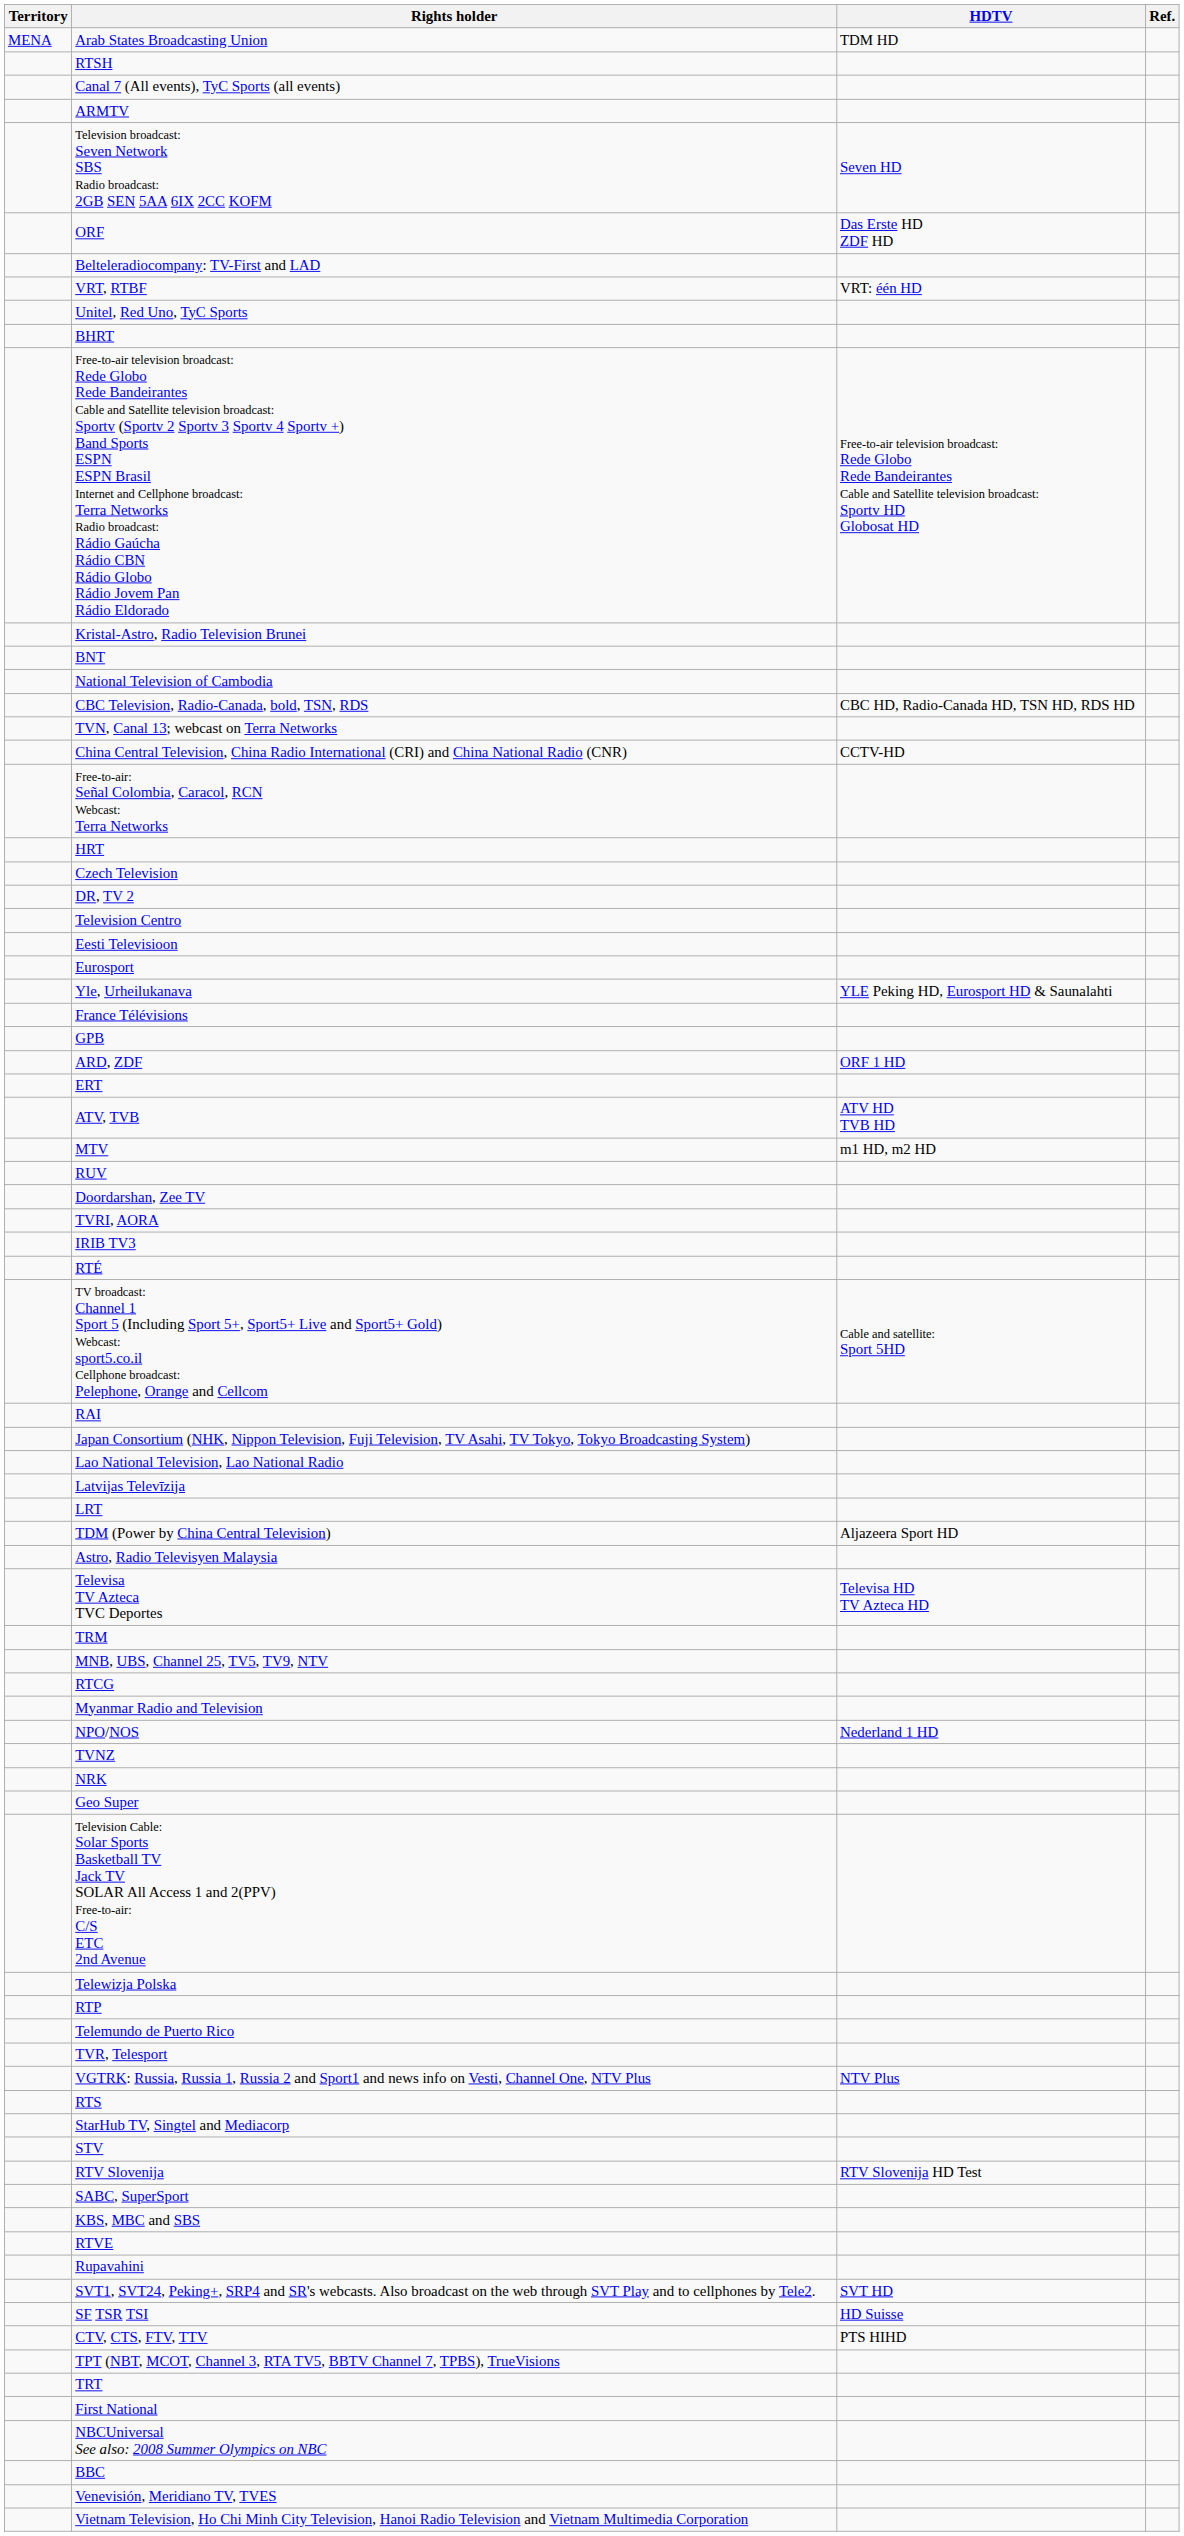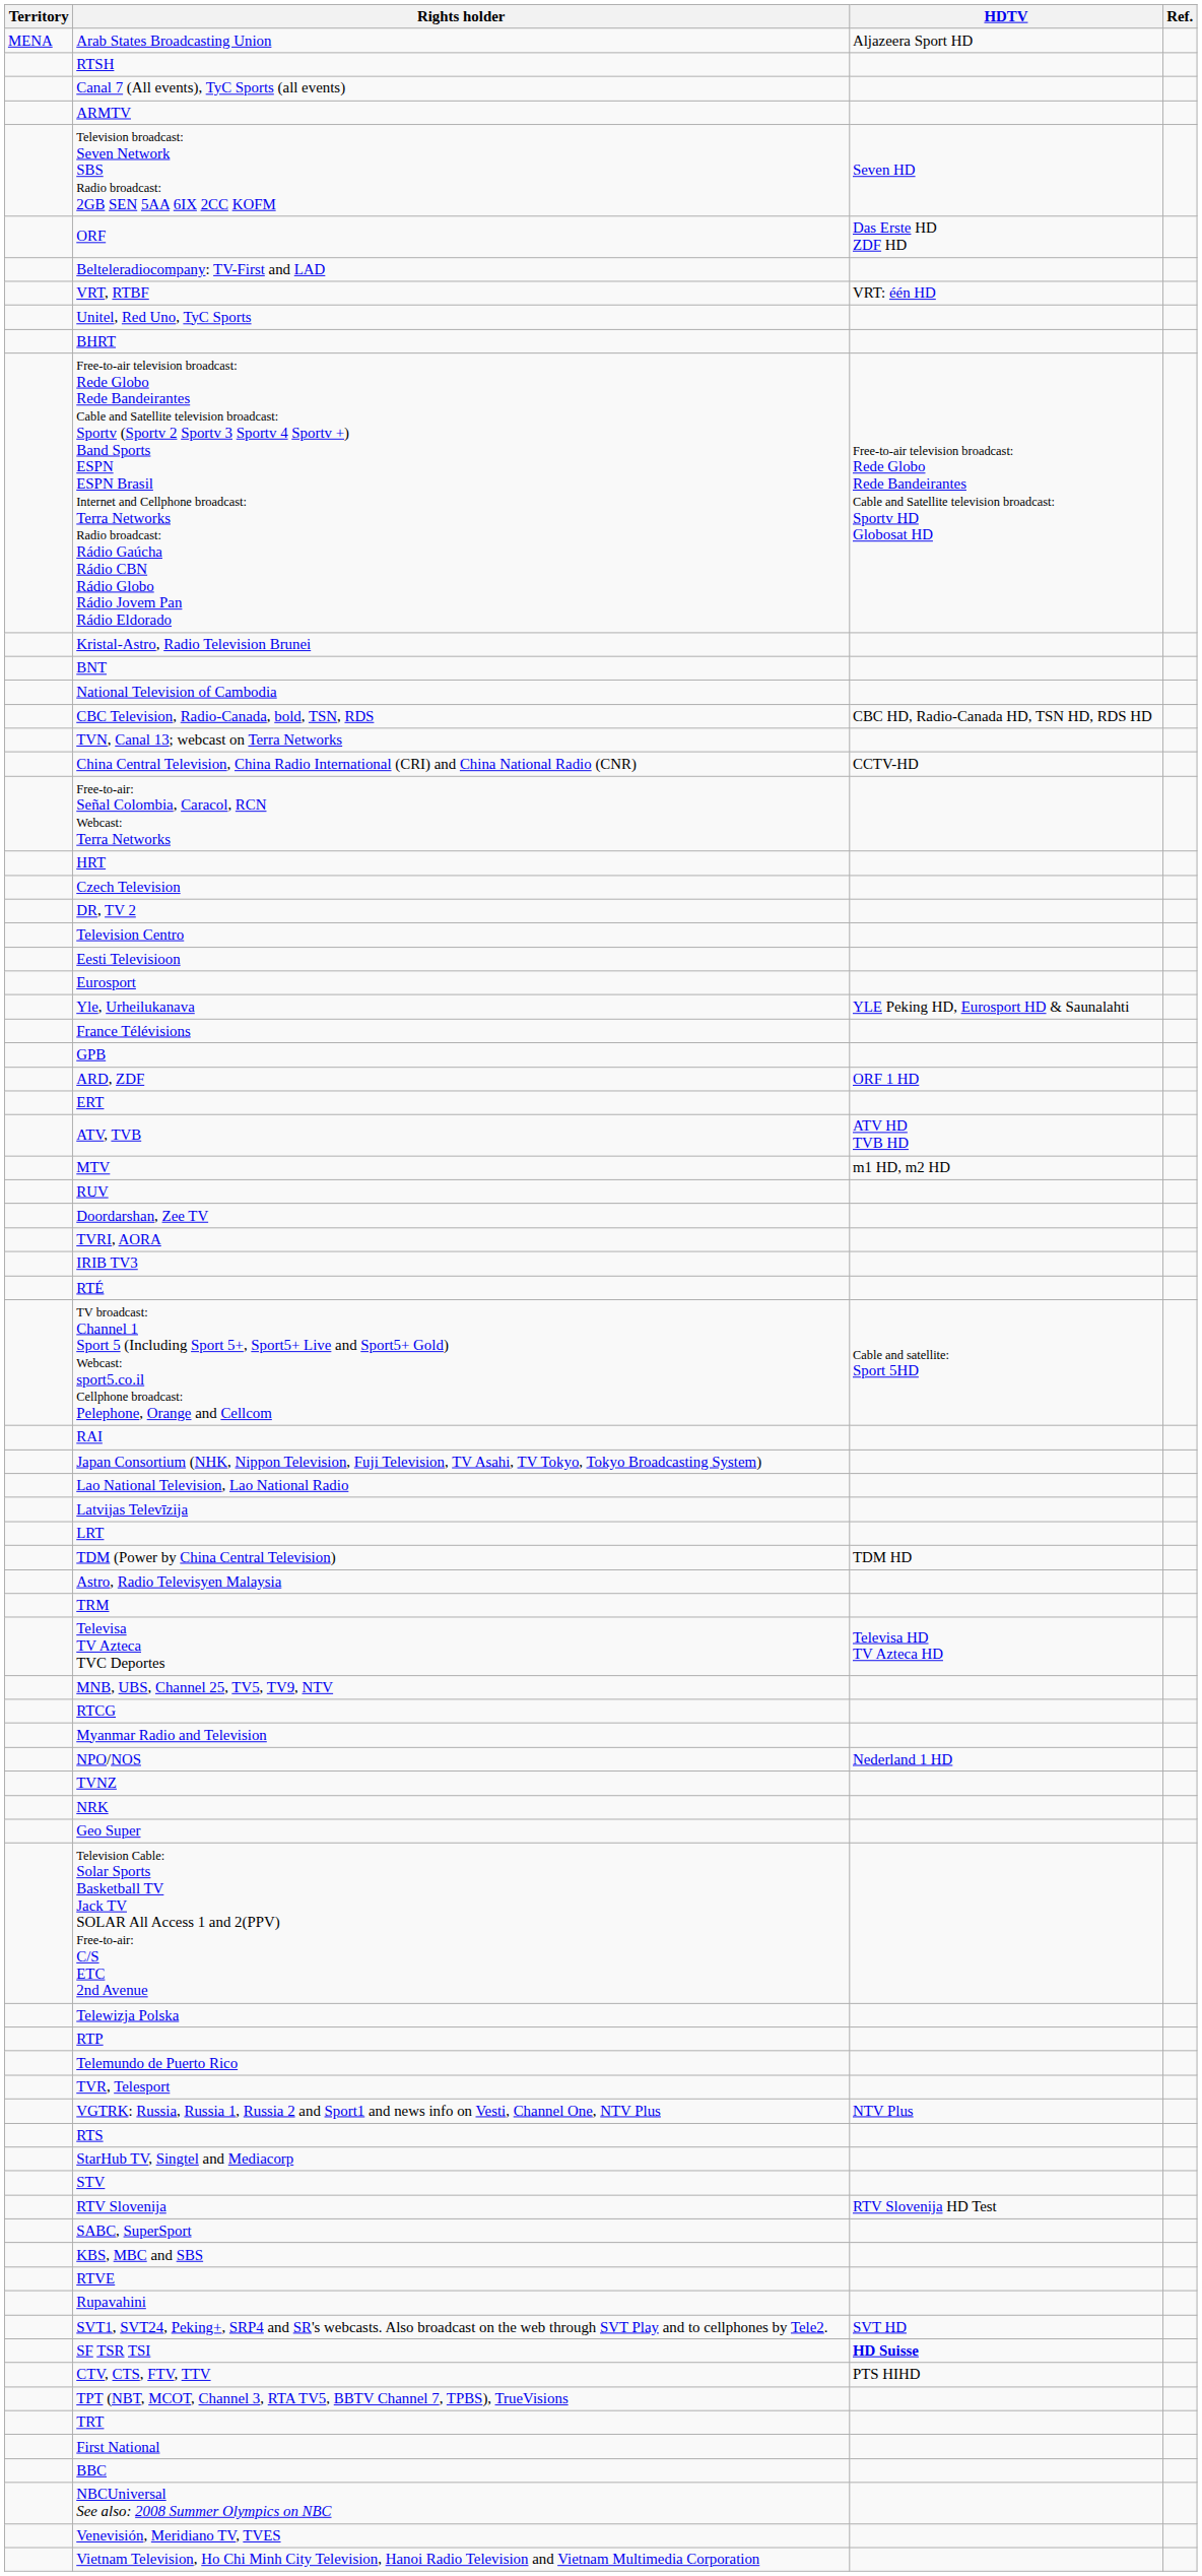 <table class="wikitable" style="width:100%; font-size:100%; position:relative;">
 <tr>
 <th>Territory</th>
 <th>Rights holder</th>
 <th><a href='#'>HDTV</a></th>
 <th>Ref.</th>
 </tr>
 <tr>
 <td><a href='#'>MENA</a></td>
 <td><a href='#'>Arab States Broadcasting Union</a></td>
-<td>TDM HD</td>
+<td>Aljazeera Sport HD</td>
 <td></td>
 </tr>
 <tr>
 <td></td>
 <td><a href='#'>RTSH</a></td>
 <td></td>
 <td></td>
 </tr>
 <tr>
 <td></td>
 <td><a href='#'>Canal 7</a> (All events), <a href='#'>TyC Sports</a> (all events)</td>
 <td></td>
 <td></td>
 </tr>
 <tr>
 <td></td>
 <td><a href='#'>ARMTV</a></td>
 <td></td>
 <td></td>
 </tr>
 <tr>
 <td></td>
 <td><small>Television broadcast:</small><br><a href='#'>Seven Network</a><br><a href='#'>SBS</a><br><small>Radio broadcast:</small><br> <a href='#'>2GB</a> <a href='#'>SEN</a> <a href='#'>5AA</a> <a href='#'>6IX</a> <a href='#'>2CC</a> <a href='#'>KOFM</a>  <br></td>
 <td><a href='#'>Seven HD</a></td>
 <td></td>
 </tr>
 <tr>
 <td></td>
 <td><a href='#'>ORF</a></td>
 <td><a href='#'>Das Erste</a> HD<br><a href='#'>ZDF</a> HD</td>
 <td></td>
 </tr>
 <tr>
 <td></td>
 <td><a href='#'>Belteleradiocompany</a>: <a href='#'>TV-First</a> and <a href='#'>LAD</a></td>
 <td></td>
 <td></td>
 </tr>
 <tr>
 <td></td>
 <td><a href='#'>VRT</a>, <a href='#'>RTBF</a></td>
 <td Vlaamse Radio- en Televisieomroep>VRT: <a href='#'>één HD</a></td>
 <td></td>
 </tr>
 <tr>
 <td></td>
 <td><a href='#'>Unitel</a>, <a href='#'>Red Uno</a>, <a href='#'>TyC Sports</a></td>
 <td></td>
 <td></td>
 </tr>
 <tr>
 <td></td>
 <td><a href='#'>BHRT</a></td>
 <td></td>
 <td></td>
 </tr>
 <tr>
 <td></td>
 <td><small>Free-to-air television broadcast:</small><br><a href='#'>Rede Globo</a><br><a href='#'>Rede Bandeirantes</a><br><small>Cable and Satellite television broadcast:</small><br><a href='#'>Sportv</a> (<a href='#'>Sportv 2</a>  <a href='#'>Sportv 3</a>  <a href='#'>Sportv 4</a>  <a href='#'>Sportv +</a>)<br><a href='#'>Band Sports</a><br><a href='#'>ESPN</a><br><a href='#'>ESPN Brasil</a><br><small>Internet and Cellphone broadcast:</small><br><a href='#'>Terra Networks</a><br><small>Radio broadcast:</small><br><a href='#'>Rádio Gaúcha</a><br><a href='#'>Rádio CBN</a><br><a href='#'>Rádio Globo</a><br><a href='#'>Rádio Jovem Pan</a><br><a href='#'>Rádio Eldorado</a><br></td>
 <td><small>Free-to-air television broadcast:</small><br><a href='#'>Rede Globo</a><br><a href='#'>Rede Bandeirantes</a><br><small>Cable and Satellite television broadcast:</small><br><a href='#'>Sportv HD</a><br><a href='#'>Globosat HD</a></td>
 <td></td>
 </tr>
 <tr>
 <td></td>
 <td><a href='#'>Kristal-Astro</a>, <a href='#'>Radio Television Brunei</a></td>
 <td></td>
 <td></td>
 </tr>
 <tr>
 <td></td>
 <td><a href='#'>BNT</a></td>
 <td></td>
 <td></td>
 </tr>
 <tr>
 <td></td>
 <td><a href='#'>National Television of Cambodia</a></td>
 <td></td>
 <td></td>
 </tr>
 <tr>
 <td></td>
 <td><a href='#'>CBC Television</a>, <a href='#'>Radio-Canada</a>, <a href='#'>bold</a>, <a href='#'>TSN</a>, <a href='#'>RDS</a></td>
 <td>CBC HD, Radio-Canada HD, TSN HD, RDS HD</td>
 <td></td>
 </tr>
 <tr>
 <td></td>
 <td><a href='#'>TVN</a>, <a href='#'>Canal 13</a>; webcast on <a href='#'>Terra Networks</a></td>
 <td></td>
 <td></td>
 </tr>
 <tr>
 <td></td>
 <td><a href='#'>China Central Television</a>, <a href='#'>China Radio International</a> (CRI) and <a href='#'>China National Radio</a> (CNR)</td>
 <td>CCTV-HD</td>
 <td></td>
 </tr>
 <tr>
 <td></td>
 <td><small>Free-to-air:</small><br><a href='#'>Señal Colombia</a>, <a href='#'>Caracol</a>, <a href='#'>RCN</a><br><small>Webcast:</small><br><a href='#'>Terra Networks</a></td>
 <td></td>
 <td></td>
 </tr>
 <tr>
 <td></td>
 <td><a href='#'>HRT</a></td>
 <td></td>
 <td></td>
 </tr>
 <tr>
 <td></td>
 <td><a href='#'>Czech Television</a></td>
 <td></td>
 <td></td>
 </tr>
 <tr>
 <td></td>
 <td><a href='#'>DR</a>, <a href='#'>TV 2</a></td>
 <td></td>
 <td></td>
 </tr>
 <tr>
 <td></td>
 <td><a href='#'>Television Centro</a></td>
 <td></td>
 <td></td>
 </tr>
 <tr>
 <td></td>
 <td><a href='#'>Eesti Televisioon</a></td>
 <td></td>
 <td></td>
 </tr>
 <tr>
 <td></td>
 <td><a href='#'>Eurosport</a></td>
 <td></td>
 <td></td>
 </tr>
 <tr>
 <td></td>
 <td><a href='#'>Yle</a>, <a href='#'>Urheilukanava</a></td>
 <td><a href='#'>YLE</a> Peking HD, <a href='#'>Eurosport HD</a> & Saunalahti</td>
 <td></td>
 </tr>
 <tr>
 <td></td>
 <td><a href='#'>France Télévisions</a></td>
 <td></td>
 <td></td>
 </tr>
 <tr>
 <td></td>
 <td><a href='#'>GPB</a></td>
 <td></td>
 <td></td>
 </tr>
 <tr>
 <td></td>
 <td><a href='#'>ARD</a>, <a href='#'>ZDF</a></td>
 <td><a href='#'>ORF 1 HD</a></td>
 <td></td>
 </tr>
 <tr>
 <td></td>
 <td><a href='#'>ERT</a></td>
 <td></td>
 <td></td>
 </tr>
 <tr>
 <td></td>
 <td><a href='#'>ATV</a>, <a href='#'>TVB</a></td>
 <td><a href='#'>ATV HD</a><br><a href='#'>TVB HD</a></td>
 <td></td>
 </tr>
 <tr>
 <td></td>
 <td><a href='#'>MTV</a></td>
 <td>m1 HD, m2 HD</td>
 <td></td>
 </tr>
 <tr>
 <td></td>
 <td><a href='#'>RUV</a></td>
 <td></td>
 <td></td>
 </tr>
 <tr>
 <td></td>
 <td><a href='#'>Doordarshan</a>, <a href='#'>Zee TV</a></td>
 <td></td>
 <td></td>
 </tr>
 <tr>
 <td></td>
 <td><a href='#'>TVRI</a>, <a href='#'>AORA</a></td>
 <td></td>
 <td></td>
 </tr>
 <tr>
 <td></td>
 <td><a href='#'>IRIB TV3</a></td>
 <td></td>
 <td></td>
 </tr>
 <tr>
 <td></td>
 <td><a href='#'>RTÉ</a></td>
 <td></td>
 <td></td>
 </tr>
 <tr>
 <td></td>
 <td><small>TV broadcast:</small><br><a href='#'>Channel 1</a><br><a href='#'>Sport 5</a> (Including <a href='#'>Sport 5+</a>, <a href='#'>Sport5+ Live</a> and <a href='#'>Sport5+ Gold</a>)<br><small>Webcast:</small><br><a href='#'>sport5.co.il</a><br><small>Cellphone broadcast:</small><br><a href='#'>Pelephone</a>, <a href='#'>Orange</a> and <a href='#'>Cellcom</a></td>
 <td><small>Cable and satellite:</small><br><a href='#'>Sport 5HD</a></td>
 <td></td>
 </tr>
 <tr>
 <td></td>
 <td><a href='#'>RAI</a></td>
 <td></td>
 <td></td>
 </tr>
 <tr>
 <td></td>
 <td><a href='#'>Japan Consortium</a> (<a href='#'>NHK</a>, <a href='#'>Nippon Television</a>, <a href='#'>Fuji Television</a>, <a href='#'>TV Asahi</a>, <a href='#'>TV Tokyo</a>, <a href='#'>Tokyo Broadcasting System</a>)</td>
 <td></td>
 <td></td>
 </tr>
 <tr>
 <td></td>
 <td><a href='#'>Lao National Television</a>, <a href='#'>Lao National Radio</a></td>
 <td></td>
 <td></td>
 </tr>
 <tr>
 <td></td>
 <td><a href='#'>Latvijas Televīzija</a></td>
 <td></td>
 <td></td>
 </tr>
 <tr>
 <td></td>
 <td><a href='#'>LRT</a></td>
 <td></td>
 <td></td>
 </tr>
 <tr>
 <td></td>
 <td><a href='#'>TDM</a> (Power by <a href='#'>China Central Television</a>)</td>
-<td>Aljazeera Sport HD</td>
+<td>TDM HD</td>
 <td></td>
 </tr>
 <tr>
 <td></td>
 <td><a href='#'>Astro</a>, <a href='#'>Radio Televisyen Malaysia</a></td>
 <td></td>
 <td></td>
 </tr>
 <tr>
 <td></td>
-<td><a href='#'>Televisa</a><br><a href='#'>TV Azteca</a><br>TVC Deportes</td>
-<td><a href='#'>Televisa HD</a><br><a href='#'>TV Azteca HD</a></td>
+<td><a href='#'>TRM</a></td>
+<td></td>
 <td></td>
 </tr>
 <tr>
 <td></td>
-<td><a href='#'>TRM</a></td>
-<td></td>
+<td><a href='#'>Televisa</a><br><a href='#'>TV Azteca</a><br>TVC Deportes</td>
+<td><a href='#'>Televisa HD</a><br><a href='#'>TV Azteca HD</a></td>
 <td></td>
 </tr>
 <tr>
 <td></td>
 <td><a href='#'>MNB</a>, <a href='#'>UBS</a>, <a href='#'>Channel 25</a>, <a href='#'>TV5</a>, <a href='#'>TV9</a>, <a href='#'>NTV</a></td>
 <td></td>
 <td></td>
 </tr>
 <tr>
 <td></td>
 <td><a href='#'>RTCG</a></td>
 <td></td>
 <td></td>
 </tr>
 <tr>
 <td></td>
 <td><a href='#'>Myanmar Radio and Television</a></td>
 <td></td>
 <td></td>
 </tr>
 <tr>
 <td></td>
 <td><a href='#'>NPO</a>/<a href='#'>NOS</a></td>
 <td><a href='#'>Nederland 1 HD</a></td>
 <td></td>
 </tr>
 <tr>
 <td></td>
 <td><a href='#'>TVNZ</a></td>
 <td></td>
 <td></td>
 </tr>
 <tr>
 <td></td>
 <td><a href='#'>NRK</a></td>
 <td></td>
 <td></td>
 </tr>
 <tr>
 <td></td>
 <td><a href='#'>Geo Super</a></td>
 <td></td>
 <td></td>
 </tr>
 <tr>
 <td></td>
 <td><small>Television Cable:</small><br> <a href='#'>Solar Sports</a><br><a href='#'>Basketball TV</a><br><a href='#'>Jack TV</a><br>SOLAR All Access 1 and 2(PPV)<br><small>Free-to-air:</small><br><a href='#'>C/S</a><br><a href='#'>ETC</a><br><a href='#'>2nd Avenue</a></td>
 <td></td>
 <td></td>
 </tr>
 <tr>
 <td></td>
 <td><a href='#'>Telewizja Polska</a></td>
 <td></td>
 <td></td>
 </tr>
 <tr>
 <td></td>
 <td><a href='#'>RTP</a></td>
 <td></td>
 <td></td>
 </tr>
 <tr>
 <td></td>
 <td><a href='#'>Telemundo de Puerto Rico</a></td>
 <td></td>
 <td></td>
 </tr>
 <tr>
 <td></td>
 <td><a href='#'>TVR</a>, <a href='#'>Telesport</a></td>
 <td></td>
 <td></td>
 </tr>
 <tr>
 <td></td>
 <td><a href='#'>VGTRK</a>: <a href='#'>Russia</a>, <a href='#'>Russia 1</a>, <a href='#'>Russia 2</a> and <a href='#'>Sport1</a> and news info on <a href='#'>Vesti</a>, <a href='#'>Channel One</a>, <a href='#'>NTV Plus</a></td>
 <td><a href='#'>NTV Plus</a></td>
 <td></td>
 </tr>
 <tr>
 <td></td>
 <td><a href='#'>RTS</a></td>
 <td></td>
 <td></td>
 </tr>
 <tr>
 <td></td>
 <td><a href='#'>StarHub TV</a>, <a href='#'>Singtel</a> and <a href='#'>Mediacorp</a></td>
 <td></td>
 <td></td>
 </tr>
 <tr>
 <td></td>
 <td><a href='#'>STV</a></td>
 <td></td>
 <td></td>
 </tr>
 <tr>
 <td></td>
 <td><a href='#'>RTV Slovenija</a></td>
 <td><a href='#'>RTV Slovenija</a> HD Test</td>
 <td></td>
 </tr>
 <tr>
 <td></td>
 <td><a href='#'>SABC</a>, <a href='#'>SuperSport</a></td>
 <td></td>
 <td></td>
 </tr>
 <tr>
 <td></td>
 <td><a href='#'>KBS</a>, <a href='#'>MBC</a> and <a href='#'>SBS</a></td>
 <td></td>
 <td></td>
 </tr>
 <tr>
 <td></td>
 <td><a href='#'>RTVE</a></td>
 <td></td>
 <td></td>
 </tr>
 <tr>
 <td></td>
 <td><a href='#'>Rupavahini</a></td>
 <td></td>
 <td></td>
 </tr>
 <tr>
 <td></td>
 <td><a href='#'>SVT1</a>, <a href='#'>SVT24</a>, <a href='#'>Peking+</a>, <a href='#'>SRP4</a> and <a href='#'>SR</a>'s webcasts. Also broadcast on the web through <a href='#'>SVT Play</a> and to cellphones by <a href='#'>Tele2</a>.</td>
 <td><a href='#'>SVT HD</a></td>
 <td></td>
 </tr>
 <tr>
 <td></td>
 <td><a href='#'>SF</a> <a href='#'>TSR</a> <a href='#'>TSI</a></td>
-<td><a href='#'>HD Suisse</a></td>
+<td><strong><a href='#'>HD Suisse</a></strong></td>
 <td></td>
 </tr>
 <tr>
 <td></td>
 <td><a href='#'>CTV</a>, <a href='#'>CTS</a>, <a href='#'>FTV</a>, <a href='#'>TTV</a></td>
 <td>PTS HIHD</td>
 <td></td>
 </tr>
 <tr>
 <td></td>
 <td><a href='#'>TPT</a> (<a href='#'>NBT</a>, <a href='#'>MCOT</a>, <a href='#'>Channel 3</a>, <a href='#'>RTA TV5</a>, <a href='#'>BBTV Channel 7</a>, <a href='#'>TPBS</a>), <a href='#'>TrueVisions</a></td>
 <td></td>
 <td></td>
 </tr>
 <tr>
 <td></td>
 <td><a href='#'>TRT</a></td>
 <td></td>
 <td></td>
 </tr>
 <tr>
 <td></td>
 <td><a href='#'>First National</a></td>
 <td></td>
 <td></td>
 </tr>
 <tr>
 <td></td>
-<td><a href='#'>NBCUniversal</a><br><em>See also: <a href='#'>2008 Summer Olympics on NBC</a></em></td>
+<td><a href='#'>BBC</a></td>
 <td></td>
 <td></td>
 </tr>
 <tr>
 <td></td>
-<td><a href='#'>BBC</a></td>
+<td><a href='#'>NBCUniversal</a><br><em>See also: <a href='#'>2008 Summer Olympics on NBC</a></em></td>
 <td></td>
 <td></td>
 </tr>
 <tr>
 <td></td>
 <td><a href='#'>Venevisión</a>, <a href='#'>Meridiano TV</a>, <a href='#'>TVES</a></td>
 <td></td>
 <td></td>
 </tr>
 <tr>
 <td></td>
 <td><a href='#'>Vietnam Television</a>, <a href='#'>Ho Chi Minh City Television</a>, <a href='#'>Hanoi Radio Television</a> and <a href='#'>Vietnam Multimedia Corporation</a></td>
 <td></td>
 <td></td>
 </tr>
 </table>
